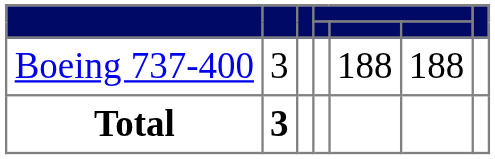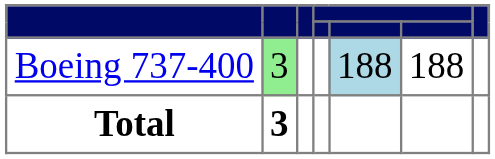 <table class="toccolours" border="1" cellpadding="3" style="border-collapse:collapse; text-align:center; margin:auto;">
 <tr style="background:#000A66;">
 <th rowspan="2"></th>
 <th rowspan="2"></th>
 <th rowspan="2"></th>
 <th colspan="3"></th>
 <th rowspan="2"></th>
 </tr>
 <tr style="background:#000A66;">
 <th><abbr></abbr></th>
 <th><abbr></abbr></th>
 <th></th>
 </tr>
 <tr>
 <td><a href='#'>Boeing 737-400</a></td>
-<td>3</td>
+<td style="background: lightgreen;">3</td>
 <td></td>
 <td></td>
-<td>188</td>
+<td style="background: lightblue;">188</td>
 <td>188</td>
 <td></td>
 </tr>
 <tr>
 <th>Total</th>
 <th>3</th>
 <th></th>
 <th></th>
 <th></th>
 <th></th>
 <th colspan="1"></th>
 </tr>
 </table>
